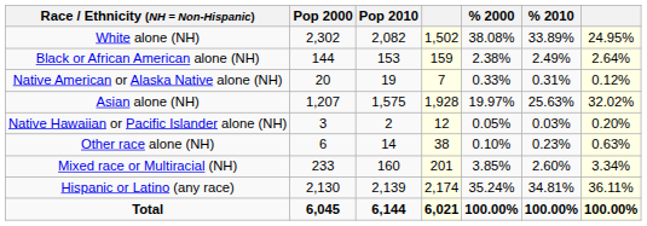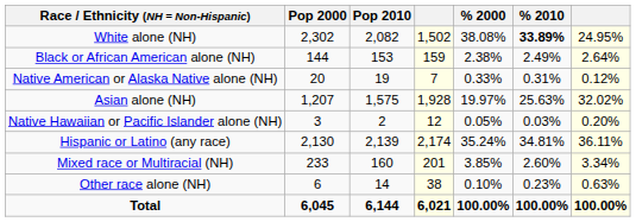 <table class="wikitable" style="text-align:center;">
 <tr>
 <th>Race / Ethnicity <small>(<em>NH = Non-Hispanic</em>)</small></th>
 <th>Pop 2000</th>
 <th>Pop 2010</th>
 <th></th>
 <th>% 2000</th>
 <th>% 2010</th>
 <th></th>
 </tr>
 <tr>
 <td><a href='#'>White</a> alone (NH)</td>
 <td>2,302</td>
 <td>2,082</td>
 <td style='background: #ffffe6;'>1,502</td>
 <td>38.08%</td>
-<td>33.89%</td>
+<td><strong>33.89%</strong></td>
 <td style='background: #ffffe6;'>24.95%</td>
 </tr>
 <tr>
 <td><a href='#'>Black or African American</a> alone (NH)</td>
 <td>144</td>
 <td>153</td>
 <td style='background: #ffffe6;'>159</td>
 <td>2.38%</td>
 <td>2.49%</td>
 <td style='background: #ffffe6;'>2.64%</td>
 </tr>
 <tr>
 <td><a href='#'>Native American</a> or <a href='#'>Alaska Native</a> alone (NH)</td>
 <td>20</td>
 <td>19</td>
 <td style='background: #ffffe6;'>7</td>
 <td>0.33%</td>
 <td>0.31%</td>
 <td style='background: #ffffe6;'>0.12%</td>
 </tr>
 <tr>
 <td><a href='#'>Asian</a> alone (NH)</td>
 <td>1,207</td>
 <td>1,575</td>
 <td style='background: #ffffe6;'>1,928</td>
 <td>19.97%</td>
 <td>25.63%</td>
 <td style='background: #ffffe6;'>32.02%</td>
 </tr>
 <tr>
 <td><a href='#'>Native Hawaiian</a> or <a href='#'>Pacific Islander</a> alone (NH)</td>
 <td>3</td>
 <td>2</td>
 <td style='background: #ffffe6;'>12</td>
 <td>0.05%</td>
 <td>0.03%</td>
 <td style='background: #ffffe6;'>0.20%</td>
 </tr>
 <tr>
-<td><a href='#'>Other race</a> alone (NH)</td>
-<td>6</td>
-<td>14</td>
-<td style='background: #ffffe6;'>38</td>
-<td>0.10%</td>
-<td>0.23%</td>
-<td style='background: #ffffe6;'>0.63%</td>
+<td><a href='#'>Hispanic or Latino</a> (any race)</td>
+<td>2,130</td>
+<td>2,139</td>
+<td style='background: #ffffe6;'>2,174</td>
+<td>35.24%</td>
+<td>34.81%</td>
+<td style='background: #ffffe6;'>36.11%</td>
 </tr>
 <tr>
 <td><a href='#'>Mixed race or Multiracial</a> (NH)</td>
 <td>233</td>
 <td>160</td>
 <td style='background: #ffffe6;'>201</td>
 <td>3.85%</td>
 <td>2.60%</td>
 <td style='background: #ffffe6;'>3.34%</td>
 </tr>
 <tr>
-<td><a href='#'>Hispanic or Latino</a> (any race)</td>
-<td>2,130</td>
-<td>2,139</td>
-<td style='background: #ffffe6;'>2,174</td>
-<td>35.24%</td>
-<td>34.81%</td>
-<td style='background: #ffffe6;'>36.11%</td>
+<td><a href='#'>Other race</a> alone (NH)</td>
+<td>6</td>
+<td>14</td>
+<td style='background: #ffffe6;'>38</td>
+<td>0.10%</td>
+<td>0.23%</td>
+<td style='background: #ffffe6;'>0.63%</td>
 </tr>
 <tr>
 <td><strong>Total</strong></td>
 <td><strong>6,045</strong></td>
 <td><strong>6,144</strong></td>
 <td style='background: #ffffe6;'><strong>6,021</strong></td>
 <td><strong>100.00%</strong></td>
 <td><strong>100.00%</strong></td>
 <td style='background: #ffffe6;'><strong>100.00%</strong></td>
 </tr>
 </table>
